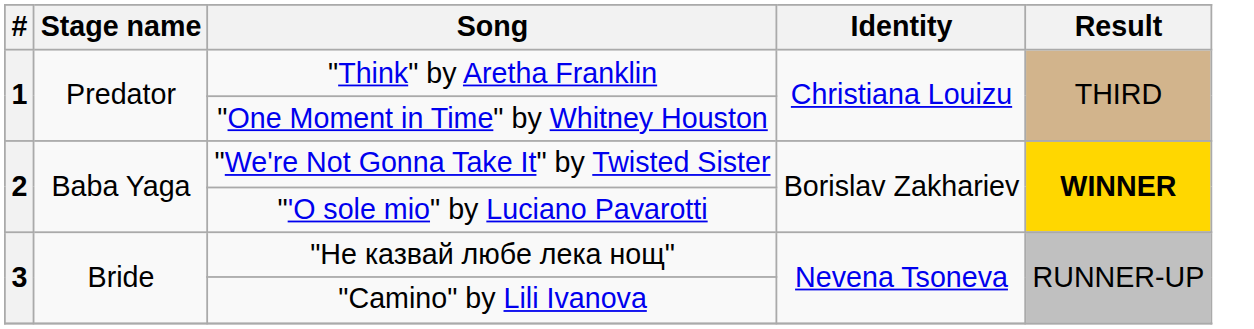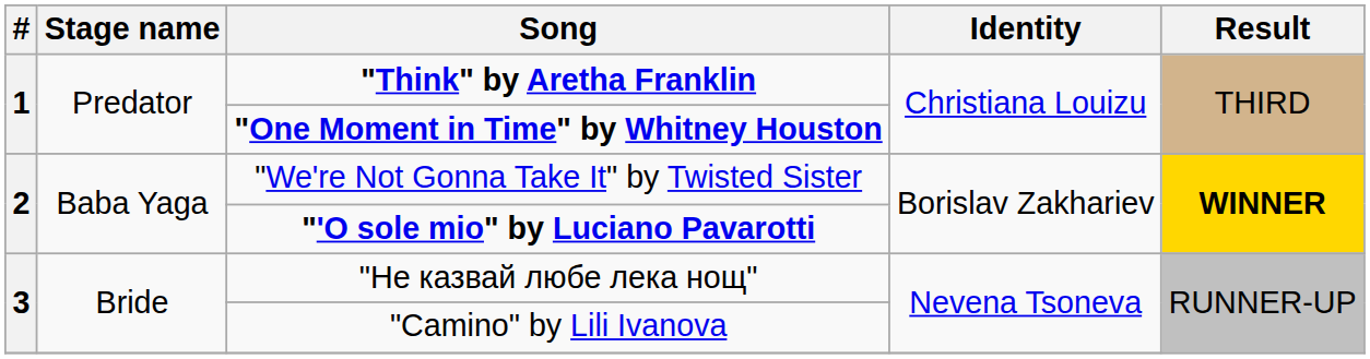 <table class="wikitable" plainrowheaders" style="text-align: center;">
 <tr>
 <th>#</th>
 <th>Stage name</th>
 <th>Song</th>
 <th>Identity</th>
 <th>Result</th>
 </tr>
 <tr>
 <th rowspan="2">1</th>
 <td rowspan="2">Predator</td>
-<td>"<a href='#'>Think</a>" by <a href='#'>Aretha Franklin</a></td>
+<td><strong>"<a href='#'>Think</a>" by <a href='#'>Aretha Franklin</a></strong></td>
 <td rowspan="2"><a href='#'>Christiana Louizu</a></td>
 <td rowspan="2" bgcolor=tan>THIRD</td>
 </tr>
 <tr>
-<td>"<a href='#'>One Moment in Time</a>" by <a href='#'>Whitney Houston</a></td>
+<td><strong>"<a href='#'>One Moment in Time</a>" by <a href='#'>Whitney Houston</a></strong></td>
 </tr>
 <tr>
 <th rowspan="2">2</th>
 <td rowspan="2">Baba Yaga</td>
 <td>"<a href='#'>We're Not Gonna Take It</a>" by <a href='#'>Twisted Sister</a></td>
 <td rowspan="2">Borislav Zakhariev</td>
 <td rowspan="2" bgcolor=gold><strong>WINNER</strong></td>
 </tr>
 <tr>
-<td>"<a href='#'>'O sole mio</a>" by <a href='#'>Luciano Pavarotti</a></td>
+<td><strong>"<a href='#'>'O sole mio</a>" by <a href='#'>Luciano Pavarotti</a></strong></td>
 </tr>
 <tr>
 <th rowspan="2">3</th>
 <td rowspan="2">Bride</td>
 <td>"Не казвай любе лека нощ"</td>
 <td rowspan="2"><a href='#'>Nevena Tsoneva</a></td>
 <td rowspan="2" bgcolor=silver>RUNNER-UP</td>
 </tr>
 <tr>
 <td>"Camino" by <a href='#'>Lili Ivanova</a></td>
 </tr>
 <tr>
 </tr>
 </table>
